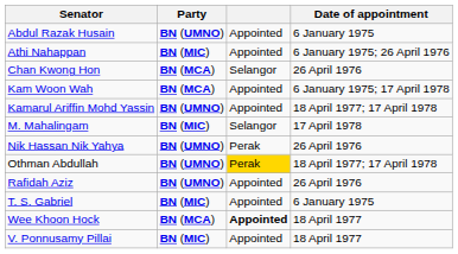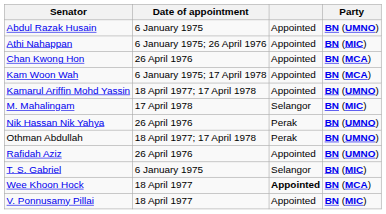 <table class="wikitable sortable">
 <tr>
 <th>Senator</th>
+<th>Date of appointment</th>
+<th></th>
 <th>Party</th>
-<th></th>
-<th>Date of appointment</th>
 </tr>
 <tr>
 <td><a href='#'>Abdul Razak Husain</a></td>
+<td>6 January 1975</td>
+<td>Appointed</td>
 <td><strong><a href='#'>BN</a></strong> (<strong><a href='#'>UMNO</a></strong>)</td>
-<td>Appointed</td>
-<td>6 January 1975</td>
 </tr>
 <tr>
 <td><a href='#'>Athi Nahappan</a></td>
+<td>6 January 1975; 26 April 1976</td>
+<td>Appointed</td>
 <td><strong><a href='#'>BN</a></strong> (<strong><a href='#'>MIC</a></strong>)</td>
-<td>Appointed</td>
-<td>6 January 1975; 26 April 1976</td>
 </tr>
 <tr>
 <td><a href='#'>Chan Kwong Hon</a></td>
+<td>26 April 1976</td>
+<td>Appointed</td>
 <td><strong><a href='#'>BN</a></strong> (<strong><a href='#'>MCA</a></strong>)</td>
-<td>Selangor</td>
-<td>26 April 1976</td>
 </tr>
 <tr>
 <td><a href='#'>Kam Woon Wah</a></td>
+<td>6 January 1975; 17 April 1978</td>
+<td>Appointed</td>
 <td><strong><a href='#'>BN</a></strong> (<strong><a href='#'>MCA</a></strong>)</td>
-<td>Appointed</td>
-<td>6 January 1975; 17 April 1978</td>
 </tr>
 <tr>
 <td><a href='#'>Kamarul Ariffin Mohd Yassin</a></td>
+<td>18 April 1977; 17 April 1978</td>
+<td>Appointed</td>
 <td><strong><a href='#'>BN</a></strong> (<strong><a href='#'>UMNO</a></strong>)</td>
-<td>Appointed</td>
-<td>18 April 1977; 17 April 1978</td>
 </tr>
 <tr>
 <td><a href='#'>M. Mahalingam</a></td>
+<td>17 April 1978</td>
+<td>Selangor</td>
 <td><strong><a href='#'>BN</a></strong> (<strong><a href='#'>MIC</a></strong>)</td>
-<td>Selangor</td>
-<td>17 April 1978</td>
 </tr>
 <tr>
 <td><a href='#'>Nik Hassan Nik Yahya</a></td>
+<td>26 April 1976</td>
+<td>Perak</td>
 <td><strong><a href='#'>BN</a></strong> (<strong><a href='#'>UMNO</a></strong>)</td>
-<td>Perak</td>
-<td>26 April 1976</td>
 </tr>
 <tr>
 <td>Othman Abdullah</td>
+<td>18 April 1977; 17 April 1978</td>
+<td>Perak</td>
 <td><strong><a href='#'>BN</a></strong> (<strong><a href='#'>UMNO</a></strong>)</td>
-<td style="background: gold;">Perak</td>
-<td>18 April 1977; 17 April 1978</td>
 </tr>
 <tr>
 <td><a href='#'>Rafidah Aziz</a></td>
+<td>26 April 1976</td>
+<td>Appointed</td>
 <td><strong><a href='#'>BN</a></strong> (<strong><a href='#'>UMNO</a></strong>)</td>
-<td>Appointed</td>
-<td>26 April 1976</td>
 </tr>
 <tr>
 <td><a href='#'>T. S. Gabriel</a></td>
+<td>6 January 1975</td>
+<td>Selangor</td>
 <td><strong><a href='#'>BN</a></strong> (<strong><a href='#'>MIC</a></strong>)</td>
-<td>Appointed</td>
-<td>6 January 1975</td>
 </tr>
 <tr>
 <td><a href='#'>Wee Khoon Hock</a></td>
+<td>18 April 1977</td>
+<td><strong>Appointed</strong></td>
 <td><strong><a href='#'>BN</a></strong> (<strong><a href='#'>MCA</a></strong>)</td>
-<td><strong>Appointed</strong></td>
-<td>18 April 1977</td>
 </tr>
 <tr>
 <td><a href='#'>V. Ponnusamy Pillai</a></td>
+<td>18 April 1977</td>
+<td>Appointed</td>
 <td><strong><a href='#'>BN</a></strong> (<strong><a href='#'>MIC</a></strong>)</td>
-<td>Appointed</td>
-<td>18 April 1977</td>
 </tr>
 </table>
